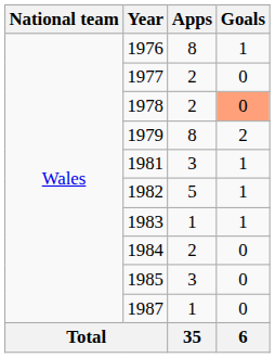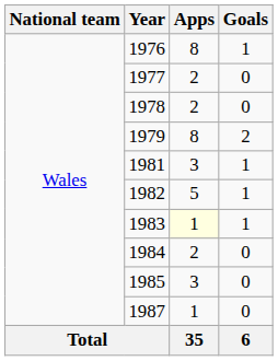 <table class="wikitable" style="text-align:center">
 <tr>
 <th>National team</th>
 <th>Year</th>
 <th>Apps</th>
 <th>Goals</th>
 </tr>
 <tr>
 <td rowspan="10"><a href='#'>Wales</a></td>
 <td>1976</td>
 <td>8</td>
 <td>1</td>
 </tr>
 <tr>
 <td>1977</td>
 <td>2</td>
 <td>0</td>
 </tr>
 <tr>
 <td>1978</td>
 <td>2</td>
-<td style="background: lightsalmon;">0</td>
+<td>0</td>
 </tr>
 <tr>
 <td>1979</td>
 <td>8</td>
 <td>2</td>
 </tr>
 <tr>
 <td>1981</td>
 <td>3</td>
 <td>1</td>
 </tr>
 <tr>
 <td>1982</td>
 <td>5</td>
 <td>1</td>
 </tr>
 <tr>
 <td>1983</td>
-<td>1</td>
+<td style="background: lightyellow;">1</td>
 <td>1</td>
 </tr>
 <tr>
 <td>1984</td>
 <td>2</td>
 <td>0</td>
 </tr>
 <tr>
 <td>1985</td>
 <td>3</td>
 <td>0</td>
 </tr>
 <tr>
 <td>1987</td>
 <td>1</td>
 <td>0</td>
 </tr>
 <tr>
 <th colspan="2">Total</th>
 <th>35</th>
 <th>6</th>
 </tr>
 </table>
